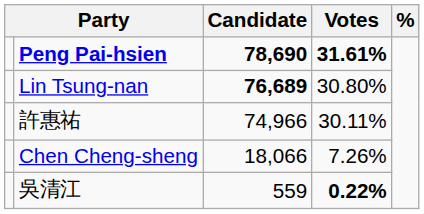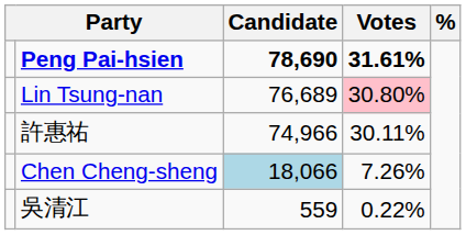 <table class="wikitable">
 <tr>
 <th colspan="2">Party</th>
 <th>Candidate</th>
 <th>Votes</th>
 <th>%</th>
 </tr>
 <tr>
 <td></td>
 <td><strong><a href='#'>Peng Pai-hsien</a></strong></td>
 <td align="right"><strong>78,690</strong></td>
 <td align="right"><strong>31.61%</strong></td>
 </tr>
 <tr>
 <td></td>
 <td><a href='#'>Lin Tsung-nan</a></td>
-<td align="right"><strong>76,689</strong></td>
-<td align="right">30.80%</td>
+<td align="right">76,689</td>
+<td align="right" style="background: pink;">30.80%</td>
 </tr>
 <tr>
 <td></td>
 <td>許惠祐</td>
 <td align="right">74,966</td>
 <td align="right">30.11%</td>
 </tr>
 <tr>
 <td></td>
 <td><a href='#'>Chen Cheng-sheng</a></td>
-<td align="right">18,066</td>
+<td align="right" style="background: lightblue;">18,066</td>
 <td align="right">7.26%</td>
 </tr>
 <tr>
 <td></td>
 <td>吳清江</td>
 <td align="right">559</td>
-<td align="right"><strong>0.22%</strong></td>
+<td align="right">0.22%</td>
 </tr>
 </table>
